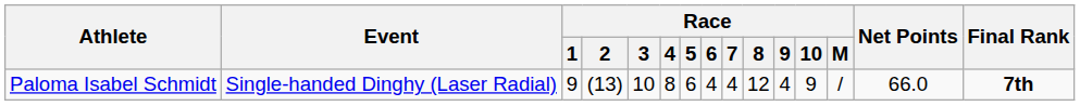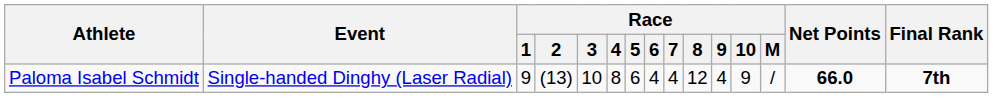 <table class="wikitable" border="1" style="font-size:90%">
 <tr>
 <th rowspan=2>Athlete</th>
 <th rowspan=2>Event</th>
 <th colspan=11>Race</th>
 <th rowspan=2>Net Points</th>
 <th rowspan=2>Final Rank</th>
 </tr>
 <tr>
 <th>1</th>
 <th>2</th>
 <th>3</th>
 <th>4</th>
 <th>5</th>
 <th>6</th>
 <th>7</th>
 <th>8</th>
 <th>9</th>
 <th>10</th>
 <th>M</th>
 </tr>
 <tr align=center>
 <td align=left><a href='#'>Paloma Isabel Schmidt</a></td>
 <td align=left><a href='#'>Single-handed Dinghy (Laser Radial)</a></td>
 <td>9</td>
 <td>(13)</td>
 <td>10</td>
 <td>8</td>
 <td>6</td>
 <td>4</td>
 <td>4</td>
 <td>12</td>
 <td>4</td>
 <td>9</td>
 <td>/</td>
-<td>66.0</td>
+<td><strong>66.0</strong></td>
 <td><strong>7th</strong></td>
 </tr>
 </table>
